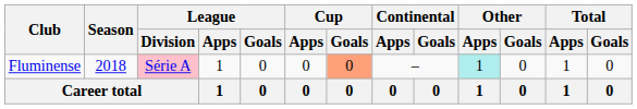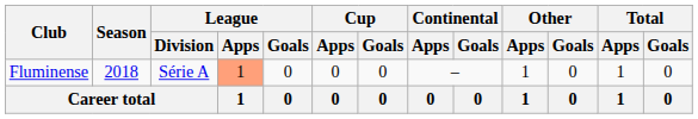 <table class="wikitable" style="text-align: center">
 <tr>
 <th rowspan="2">Club</th>
 <th rowspan="2">Season</th>
 <th colspan="3">League</th>
 <th colspan="2">Cup</th>
 <th colspan="2">Continental</th>
 <th colspan="2">Other</th>
 <th colspan="2">Total</th>
 </tr>
 <tr>
 <th>Division</th>
 <th>Apps</th>
 <th>Goals</th>
 <th>Apps</th>
 <th>Goals</th>
 <th>Apps</th>
 <th>Goals</th>
 <th>Apps</th>
 <th>Goals</th>
 <th>Apps</th>
 <th>Goals</th>
 </tr>
 <tr>
 <td><a href='#'>Fluminense</a></td>
 <td><a href='#'>2018</a></td>
-<td style="background: pink;"><a href='#'>Série A</a></td>
-<td>1</td>
+<td><a href='#'>Série A</a></td>
+<td style="background: lightsalmon;">1</td>
 <td>0</td>
 <td>0</td>
-<td style="background: lightsalmon;">0</td>
+<td>0</td>
 <td colspan="2">–</td>
-<td style="background: paleturquoise;">1</td>
+<td>1</td>
 <td>0</td>
 <td>1</td>
 <td>0</td>
 </tr>
 <tr>
 <th colspan="3"><strong>Career total</strong></th>
 <th>1</th>
 <th>0</th>
 <th>0</th>
 <th>0</th>
 <th>0</th>
 <th>0</th>
 <th>1</th>
 <th>0</th>
 <th>1</th>
 <th>0</th>
 </tr>
 </table>
